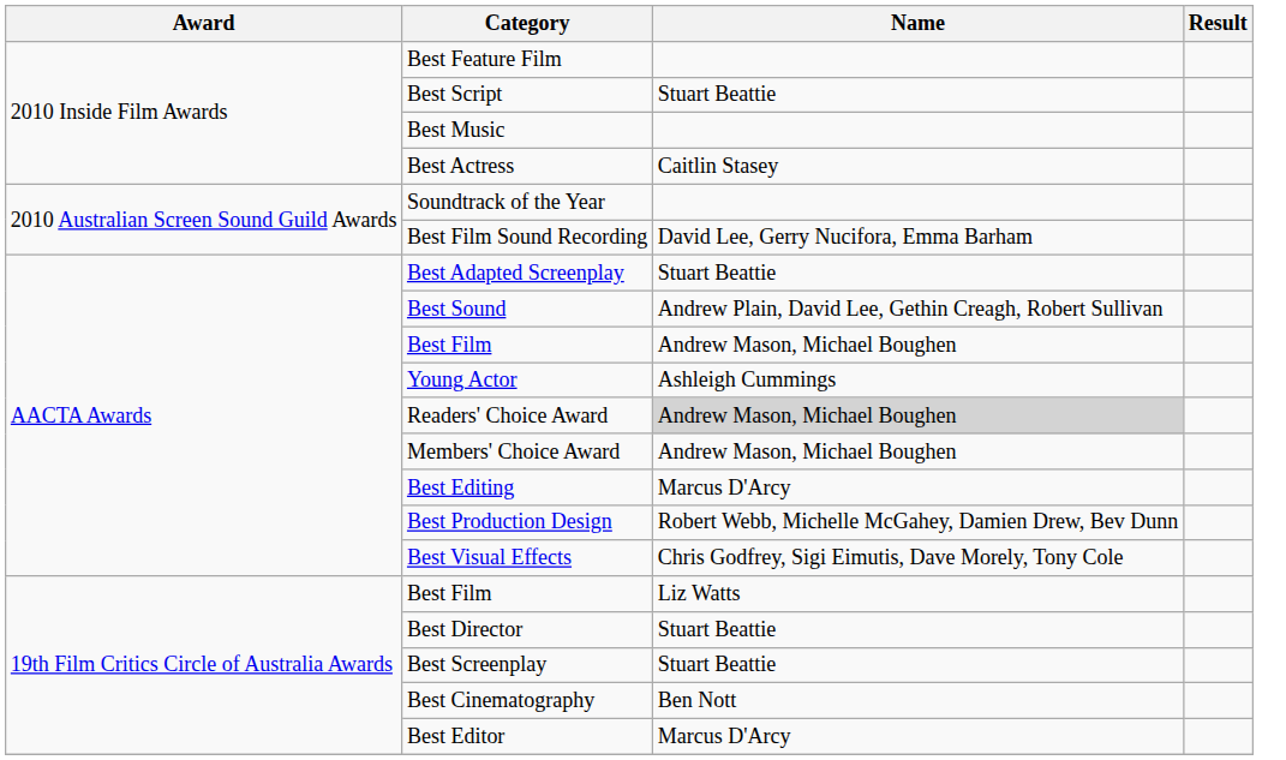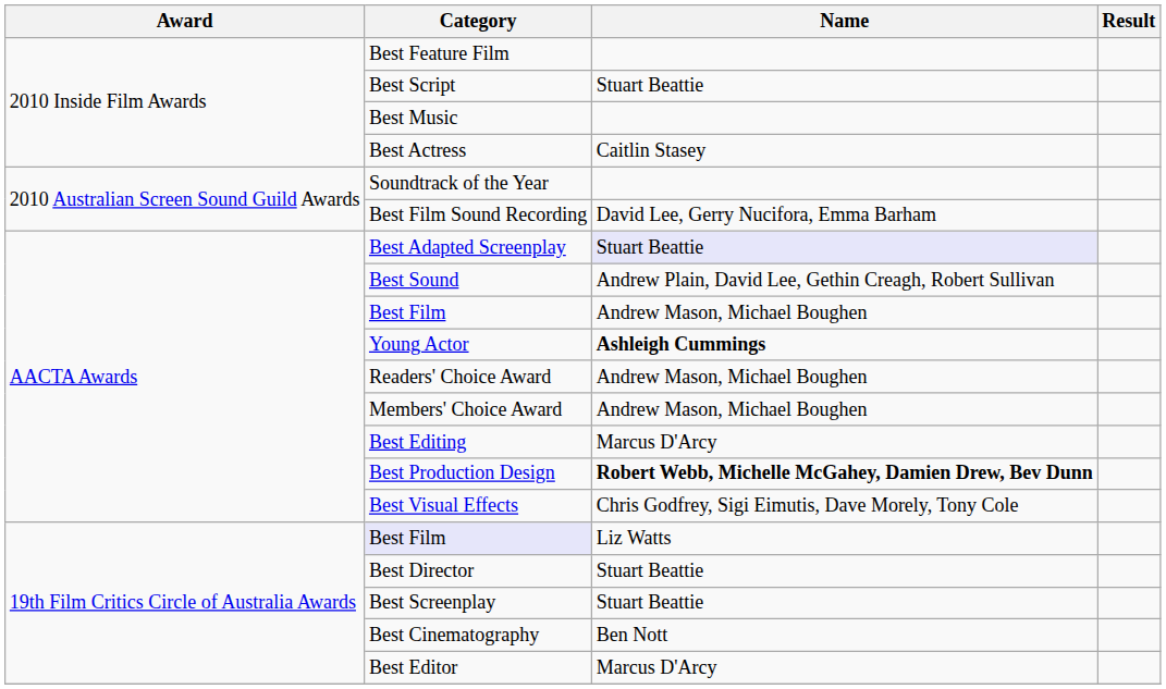 <table class="wikitable" style="font-size:90%;">
 <tr>
 <th>Award</th>
 <th>Category</th>
 <th>Name</th>
 <th>Result</th>
 </tr>
 <tr>
 <td rowspan="4">2010 Inside Film Awards</td>
 <td>Best Feature Film</td>
 <td></td>
 <td></td>
 </tr>
 <tr>
 <td>Best Script</td>
 <td>Stuart Beattie</td>
 <td></td>
 </tr>
 <tr>
 <td>Best Music</td>
 <td></td>
 <td></td>
 </tr>
 <tr>
 <td>Best Actress</td>
 <td>Caitlin Stasey</td>
 <td></td>
 </tr>
 <tr>
 <td rowspan="2">2010 <a href='#'>Australian Screen Sound Guild</a> Awards</td>
 <td>Soundtrack of the Year</td>
 <td></td>
 <td></td>
 </tr>
 <tr>
 <td>Best Film Sound Recording</td>
 <td>David Lee, Gerry Nucifora, Emma Barham</td>
 <td></td>
 </tr>
 <tr>
 <td rowspan="9"><a href='#'>AACTA Awards</a></td>
 <td><a href='#'>Best Adapted Screenplay</a></td>
-<td>Stuart Beattie</td>
+<td style="background: lavender;">Stuart Beattie</td>
 <td></td>
 </tr>
 <tr>
 <td><a href='#'>Best Sound</a></td>
 <td>Andrew Plain, David Lee, Gethin Creagh, Robert Sullivan</td>
 <td></td>
 </tr>
 <tr>
 <td><a href='#'>Best Film</a></td>
 <td>Andrew Mason, Michael Boughen</td>
 <td></td>
 </tr>
 <tr>
 <td><a href='#'>Young Actor</a></td>
-<td>Ashleigh Cummings</td>
+<td><strong>Ashleigh Cummings</strong></td>
 <td></td>
 </tr>
 <tr>
 <td>Readers' Choice Award</td>
-<td style="background: lightgrey;">Andrew Mason, Michael Boughen</td>
+<td>Andrew Mason, Michael Boughen</td>
 <td></td>
 </tr>
 <tr>
 <td>Members' Choice Award</td>
 <td>Andrew Mason, Michael Boughen</td>
 <td></td>
 </tr>
 <tr>
 <td><a href='#'>Best Editing</a></td>
 <td>Marcus D'Arcy</td>
 <td></td>
 </tr>
 <tr>
 <td><a href='#'>Best Production Design</a></td>
-<td>Robert Webb, Michelle McGahey, Damien Drew, Bev Dunn</td>
+<td><strong>Robert Webb, Michelle McGahey, Damien Drew, Bev Dunn</strong></td>
 <td></td>
 </tr>
 <tr>
 <td><a href='#'>Best Visual Effects</a></td>
 <td>Chris Godfrey, Sigi Eimutis, Dave Morely, Tony Cole</td>
 <td></td>
 </tr>
 <tr>
 <td rowspan="5"><a href='#'>19th Film Critics Circle of Australia Awards</a></td>
-<td>Best Film</td>
+<td style="background: lavender;">Best Film</td>
 <td>Liz Watts</td>
 <td></td>
 </tr>
 <tr>
 <td>Best Director</td>
 <td>Stuart Beattie</td>
 <td></td>
 </tr>
 <tr>
 <td>Best Screenplay</td>
 <td>Stuart Beattie</td>
 <td></td>
 </tr>
 <tr>
 <td>Best Cinematography</td>
 <td>Ben Nott</td>
 <td></td>
 </tr>
 <tr>
 <td>Best Editor</td>
 <td>Marcus D'Arcy</td>
 <td></td>
 </tr>
 <tr>
 </tr>
 </table>
